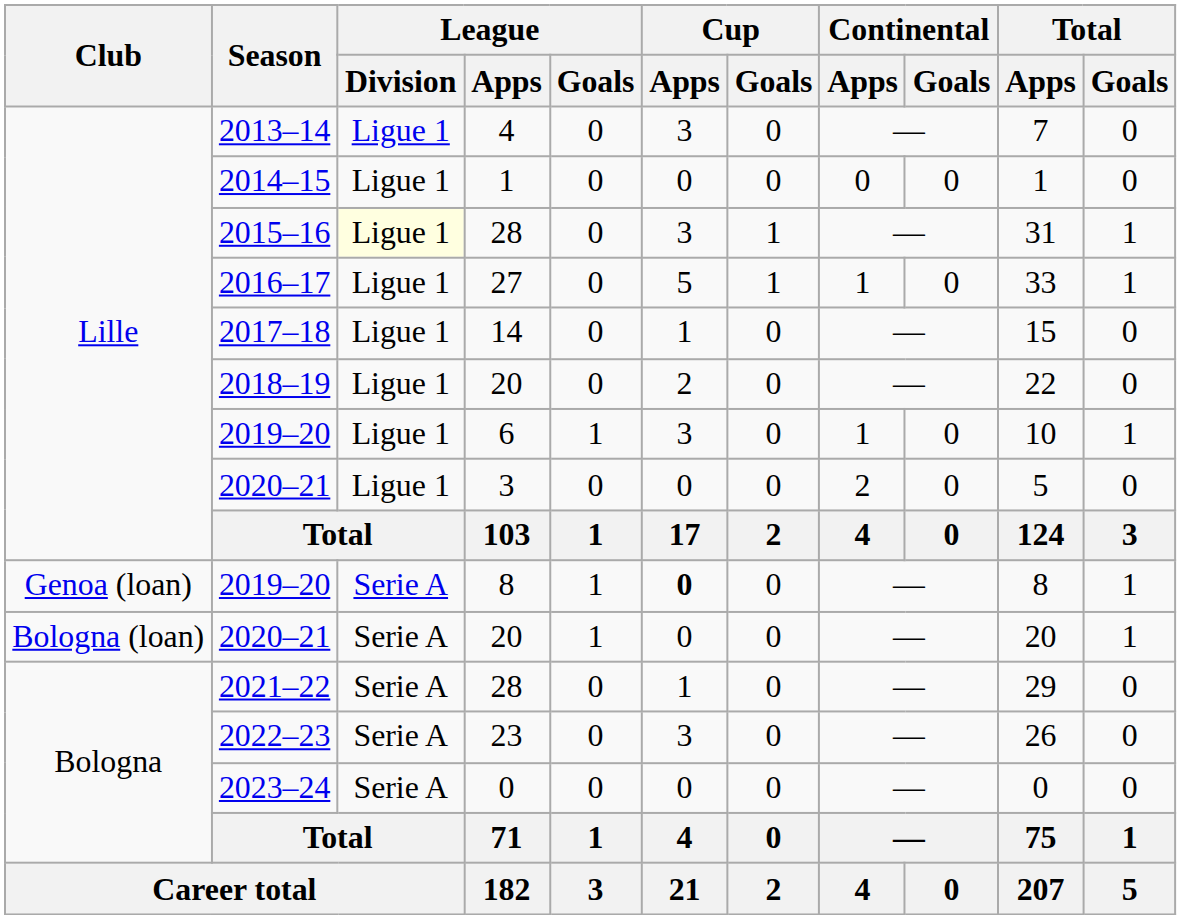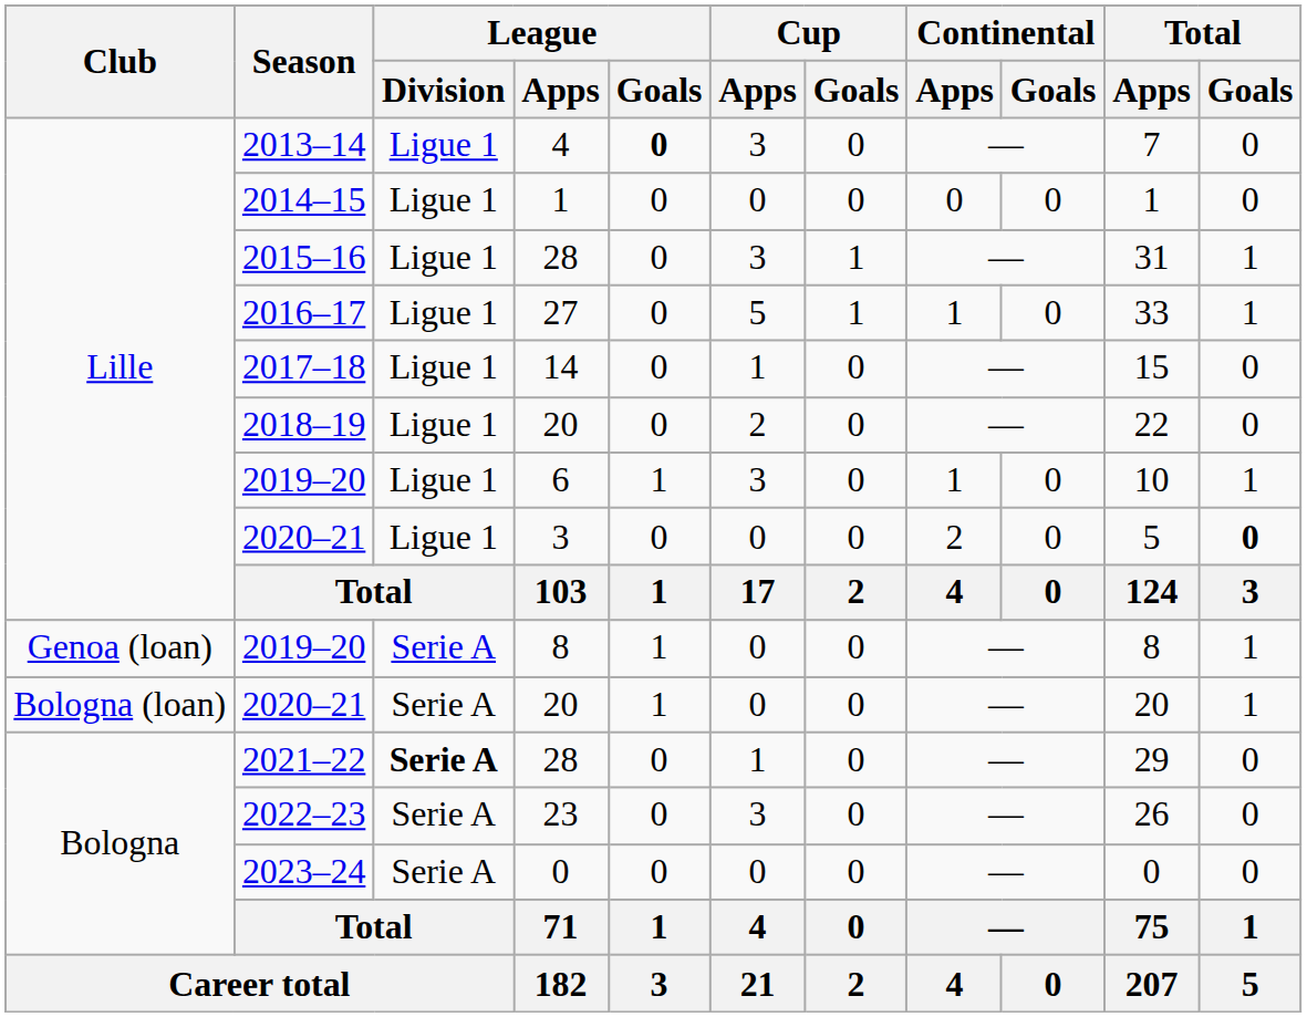 <table class="wikitable" style="text-align:center">
 <tr>
 <th rowspan="2">Club</th>
 <th rowspan="2">Season</th>
 <th colspan="3">League</th>
 <th colspan="2">Cup</th>
 <th colspan="2">Continental</th>
 <th colspan="2">Total</th>
 </tr>
 <tr>
 <th>Division</th>
 <th>Apps</th>
 <th>Goals</th>
 <th>Apps</th>
 <th>Goals</th>
 <th>Apps</th>
 <th>Goals</th>
 <th>Apps</th>
 <th>Goals</th>
 </tr>
 <tr>
 <td rowspan="9"><a href='#'>Lille</a></td>
 <td><a href='#'>2013–14</a></td>
 <td><a href='#'>Ligue 1</a></td>
 <td>4</td>
-<td>0</td>
+<td><strong>0</strong></td>
 <td>3</td>
 <td>0</td>
 <td colspan="2">—</td>
 <td>7</td>
 <td>0</td>
 </tr>
 <tr>
 <td><a href='#'>2014–15</a></td>
 <td>Ligue 1</td>
 <td>1</td>
 <td>0</td>
 <td>0</td>
 <td>0</td>
 <td>0</td>
 <td>0</td>
 <td>1</td>
 <td>0</td>
 </tr>
 <tr>
 <td><a href='#'>2015–16</a></td>
-<td style="background: lightyellow;">Ligue 1</td>
+<td>Ligue 1</td>
 <td>28</td>
 <td>0</td>
 <td>3</td>
 <td>1</td>
 <td colspan="2">—</td>
 <td>31</td>
 <td>1</td>
 </tr>
 <tr>
 <td><a href='#'>2016–17</a></td>
 <td>Ligue 1</td>
 <td>27</td>
 <td>0</td>
 <td>5</td>
 <td>1</td>
 <td>1</td>
 <td>0</td>
 <td>33</td>
 <td>1</td>
 </tr>
 <tr>
 <td><a href='#'>2017–18</a></td>
 <td>Ligue 1</td>
 <td>14</td>
 <td>0</td>
 <td>1</td>
 <td>0</td>
 <td colspan="2">—</td>
 <td>15</td>
 <td>0</td>
 </tr>
 <tr>
 <td><a href='#'>2018–19</a></td>
 <td>Ligue 1</td>
 <td>20</td>
 <td>0</td>
 <td>2</td>
 <td>0</td>
 <td colspan="2">—</td>
 <td>22</td>
 <td>0</td>
 </tr>
 <tr>
 <td><a href='#'>2019–20</a></td>
 <td>Ligue 1</td>
 <td>6</td>
 <td>1</td>
 <td>3</td>
 <td>0</td>
 <td>1</td>
 <td>0</td>
 <td>10</td>
 <td>1</td>
 </tr>
 <tr>
 <td><a href='#'>2020–21</a></td>
 <td>Ligue 1</td>
 <td>3</td>
 <td>0</td>
 <td>0</td>
 <td>0</td>
 <td>2</td>
 <td>0</td>
 <td>5</td>
-<td>0</td>
+<td><strong>0</strong></td>
 </tr>
 <tr>
 <th colspan="2">Total</th>
 <th>103</th>
 <th>1</th>
 <th>17</th>
 <th>2</th>
 <th>4</th>
 <th>0</th>
 <th>124</th>
 <th>3</th>
 </tr>
 <tr>
 <td><a href='#'>Genoa</a> (loan)</td>
 <td><a href='#'>2019–20</a></td>
 <td><a href='#'>Serie A</a></td>
 <td>8</td>
 <td>1</td>
-<td><strong>0</strong></td>
+<td>0</td>
 <td>0</td>
 <td colspan="2">—</td>
 <td>8</td>
 <td>1</td>
 </tr>
 <tr>
 <td><a href='#'>Bologna</a> (loan)</td>
 <td><a href='#'>2020–21</a></td>
 <td>Serie A</td>
 <td>20</td>
 <td>1</td>
 <td>0</td>
 <td>0</td>
 <td colspan="2">—</td>
 <td>20</td>
 <td>1</td>
 </tr>
 <tr>
 <td rowspan="4">Bologna</td>
 <td><a href='#'>2021–22</a></td>
-<td>Serie A</td>
+<td><strong>Serie A</strong></td>
 <td>28</td>
 <td>0</td>
 <td>1</td>
 <td>0</td>
 <td colspan="2">—</td>
 <td>29</td>
 <td>0</td>
 </tr>
 <tr>
 <td><a href='#'>2022–23</a></td>
 <td>Serie A</td>
 <td>23</td>
 <td>0</td>
 <td>3</td>
 <td>0</td>
 <td colspan="2">—</td>
 <td>26</td>
 <td>0</td>
 </tr>
 <tr>
 <td><a href='#'>2023–24</a></td>
 <td>Serie A</td>
 <td>0</td>
 <td>0</td>
 <td>0</td>
 <td>0</td>
 <td colspan="2">—</td>
 <td>0</td>
 <td>0</td>
 </tr>
 <tr>
 <th colspan="2">Total</th>
 <th>71</th>
 <th>1</th>
 <th>4</th>
 <th>0</th>
 <th colspan="2">—</th>
 <th>75</th>
 <th>1</th>
 </tr>
 <tr>
 <th colspan="3">Career total</th>
 <th>182</th>
 <th>3</th>
 <th>21</th>
 <th>2</th>
 <th>4</th>
 <th>0</th>
 <th>207</th>
 <th>5</th>
 </tr>
 </table>
